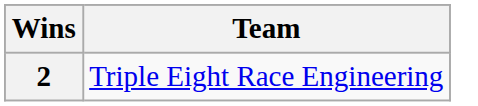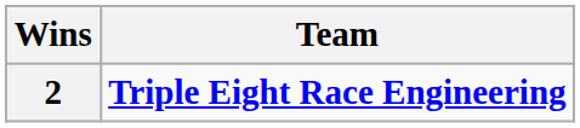 <table class="wikitable" style="font-size: 95%;">
 <tr>
 <th>Wins</th>
 <th>Team</th>
 </tr>
 <tr>
 <th>2</th>
-<td><a href='#'>Triple Eight Race Engineering</a></td>
+<td><strong><a href='#'>Triple Eight Race Engineering</a></strong></td>
 </tr>
 </table>
